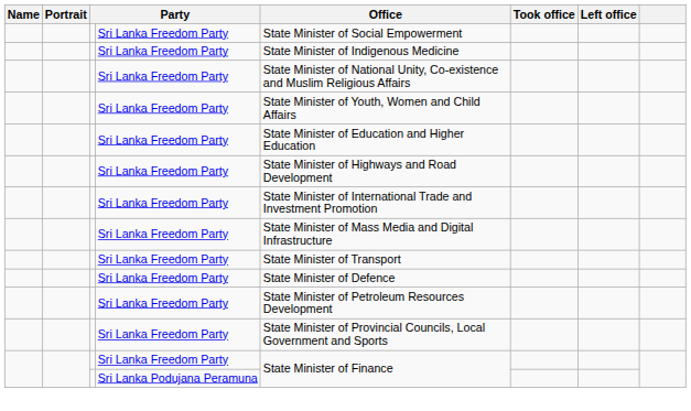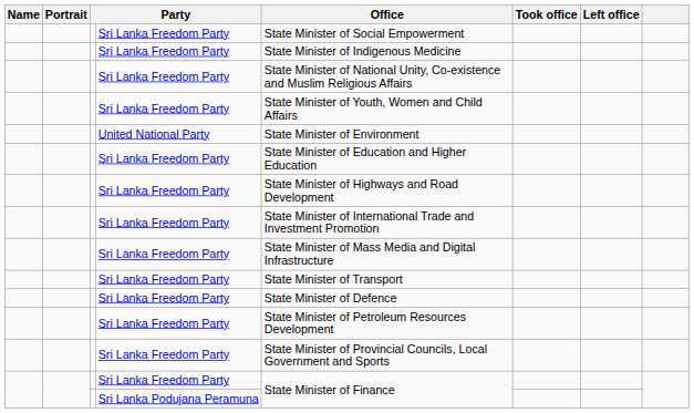 <table class="wikitable plainrowheaders sortable" style="font-size:90%; text-align:left;">
 <tr>
 <th scope=col>Name</th>
 <th scope=col class=unsortable>Portrait</th>
 <th scope=col colspan="2">Party</th>
 <th scope=col width=300px>Office</th>
 <th scope=col>Took office</th>
 <th scope=col>Left office</th>
 <th scope=col width=50px class=unsortable></th>
 </tr>
 <tr>
 <td></td>
 <td align=center></td>
 <td !align="center" style="background:"></td>
 <td><a href='#'>Sri Lanka Freedom Party</a></td>
 <td>State Minister of Social Empowerment</td>
 <td align=center></td>
 <td align=center></td>
 <td align=center></td>
 </tr>
 <tr>
 <td></td>
 <td align=center></td>
 <td !align="center" style="background:"></td>
 <td><a href='#'>Sri Lanka Freedom Party</a></td>
 <td>State Minister of Indigenous Medicine</td>
 <td align=center></td>
 <td align=center></td>
 <td align=center></td>
 </tr>
 <tr>
 <td></td>
 <td align=center></td>
 <td !align="center" style="background:"></td>
 <td><a href='#'>Sri Lanka Freedom Party</a></td>
 <td>State Minister of National Unity, Co-existence and Muslim Religious Affairs</td>
 <td align=center></td>
 <td align=center></td>
 <td align=center></td>
 </tr>
 <tr>
 <td></td>
 <td align=center></td>
 <td !align="center" style="background:"></td>
 <td><a href='#'>Sri Lanka Freedom Party</a></td>
 <td>State Minister of Youth, Women and Child Affairs</td>
+<td align=center></td>
+<td align=center></td>
+<td align=center></td>
+</tr>
+<tr>
+<td></td>
+<td align=center></td>
+<td !align="center" style="background:"></td>
+<td><a href='#'>United National Party</a></td>
+<td>State Minister of Environment</td>
 <td align=center></td>
 <td align=center></td>
 <td align=center></td>
 </tr>
 <tr>
 <td></td>
 <td align=center></td>
 <td !align="center" style="background:"></td>
 <td><a href='#'>Sri Lanka Freedom Party</a></td>
 <td>State Minister of Education and Higher Education</td>
 <td align=center></td>
 <td align=center></td>
 <td align=center></td>
 </tr>
 <tr>
 <td></td>
 <td align=center></td>
 <td !align="center" style="background:"></td>
 <td><a href='#'>Sri Lanka Freedom Party</a></td>
 <td>State Minister of Highways and Road Development</td>
 <td align=center></td>
 <td align=center></td>
 <td align=center></td>
 </tr>
 <tr>
 <td></td>
 <td align=center></td>
 <td !align="center" style="background:"></td>
 <td><a href='#'>Sri Lanka Freedom Party</a></td>
 <td>State Minister of International Trade and Investment Promotion</td>
 <td align=center></td>
 <td align=center></td>
 <td align=center></td>
 </tr>
 <tr>
 <td></td>
 <td align=center></td>
 <td !align="center" style="background:"></td>
 <td><a href='#'>Sri Lanka Freedom Party</a></td>
 <td>State Minister of Mass Media and Digital Infrastructure</td>
 <td align=center></td>
 <td align=center></td>
 <td align=center></td>
 </tr>
 <tr>
 <td></td>
 <td align=center></td>
 <td !align="center" style="background:"></td>
 <td><a href='#'>Sri Lanka Freedom Party</a></td>
 <td>State Minister of Transport</td>
 <td align=center></td>
 <td align=center></td>
 <td align=center></td>
 </tr>
 <tr>
 <td></td>
 <td></td>
 <td !align="center" style="background:"></td>
 <td><a href='#'>Sri Lanka Freedom Party</a></td>
 <td>State Minister of Defence</td>
 <td align=center></td>
 <td align=center></td>
 <td align=center></td>
 </tr>
 <tr>
 <td></td>
 <td align=center></td>
 <td !align="center" style="background:"></td>
 <td><a href='#'>Sri Lanka Freedom Party</a></td>
 <td>State Minister of Petroleum Resources Development</td>
 <td align=center></td>
 <td align=center></td>
 <td align=center></td>
 </tr>
 <tr>
 <td></td>
 <td align=center></td>
 <td !align="center" style="background:"></td>
 <td><a href='#'>Sri Lanka Freedom Party</a></td>
 <td>State Minister of Provincial Councils, Local Government and Sports</td>
 <td align=center></td>
 <td align=center></td>
 <td align=center></td>
 </tr>
 <tr>
 <td rowspan=2></td>
 <td align=center rowspan=2></td>
 <td !align="center" style="background:"></td>
 <td><a href='#'>Sri Lanka Freedom Party</a></td>
 <td rowspan=2>State Minister of Finance</td>
 <td align=center></td>
 <td align=center></td>
 <td align=center rowspan=2></td>
 </tr>
 <tr>
 <td !align="center" style="background:"></td>
 <td><a href='#'>Sri Lanka Podujana Peramuna</a></td>
 <td align=center></td>
 <td align=center></td>
 </tr>
 </table>
